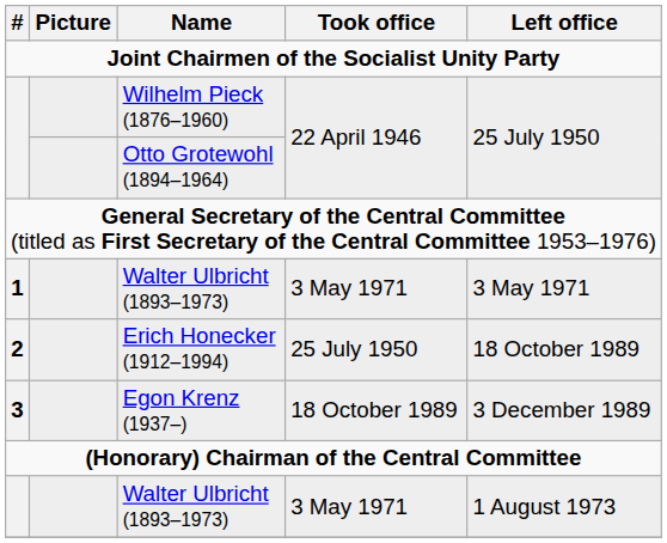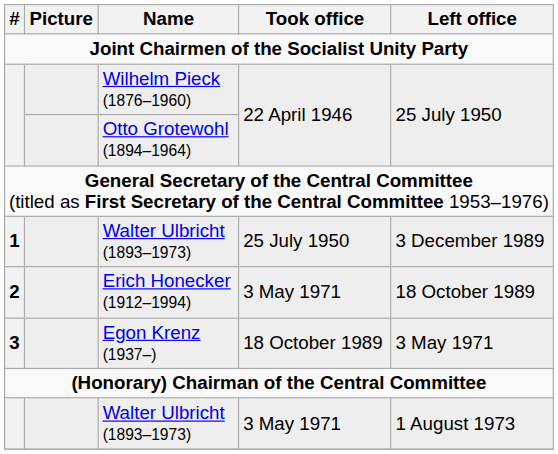 <table class="wikitable">
 <tr ->
 <th>#</th>
 <th>Picture</th>
 <th>Name</th>
 <th>Took office</th>
 <th>Left office</th>
 </tr>
 <tr ->
 <td colspan="6" align="center"><strong>Joint Chairmen of the Socialist Unity Party</strong><br></td>
 </tr>
 <tr - style="background:#EEEEEE">
 <th rowspan="2" style="background:"></th>
 <td></td>
 <td><a href='#'>Wilhelm Pieck</a><br><small>(1876–1960)</small></td>
 <td rowspan="2">22 April 1946</td>
 <td rowspan="2">25 July 1950</td>
 </tr>
 <tr - style="background:#EEEEEE">
 <td></td>
 <td><a href='#'>Otto Grotewohl</a><br><small>(1894–1964)</small></td>
 </tr>
 <tr ->
 <td colspan="6" align="center"><strong>General Secretary of the Central Committee</strong><br>(titled as <strong>First Secretary of the Central Committee</strong> 1953–1976)<br></td>
 </tr>
 <tr - style="background:#EEEEEE">
 <th style="background:">1</th>
 <td></td>
 <td><a href='#'>Walter Ulbricht</a><br><small>(1893–1973)</small></td>
-<td>3 May 1971</td>
-<td>3 May 1971</td>
+<td>25 July 1950</td>
+<td>3 December 1989</td>
 </tr>
 <tr - style="background:#EEEEEE">
 <th style="background:">2</th>
 <td></td>
 <td><a href='#'>Erich Honecker</a><br><small>(1912–1994)</small></td>
-<td>25 July 1950</td>
+<td>3 May 1971</td>
 <td>18 October 1989</td>
 </tr>
 <tr - style="background:#EEEEEE">
 <th style="background:">3</th>
 <td></td>
 <td><a href='#'>Egon Krenz</a><br><small>(1937–)</small></td>
 <td>18 October 1989</td>
-<td>3 December 1989</td>
+<td>3 May 1971</td>
 </tr>
 <tr ->
 <td colspan="6" align="center"><strong>(Honorary) Chairman of the Central Committee</strong><br></td>
 </tr>
 <tr - style="background:#EEEEEE">
 <th style="background:"></th>
 <td></td>
 <td><a href='#'>Walter Ulbricht</a><br><small>(1893–1973)</small></td>
 <td>3 May 1971</td>
 <td>1 August 1973</td>
 </tr>
 <tr ->
 </tr>
 </table>
